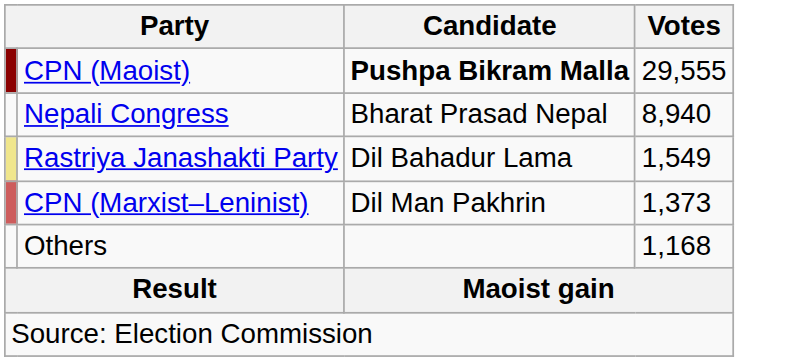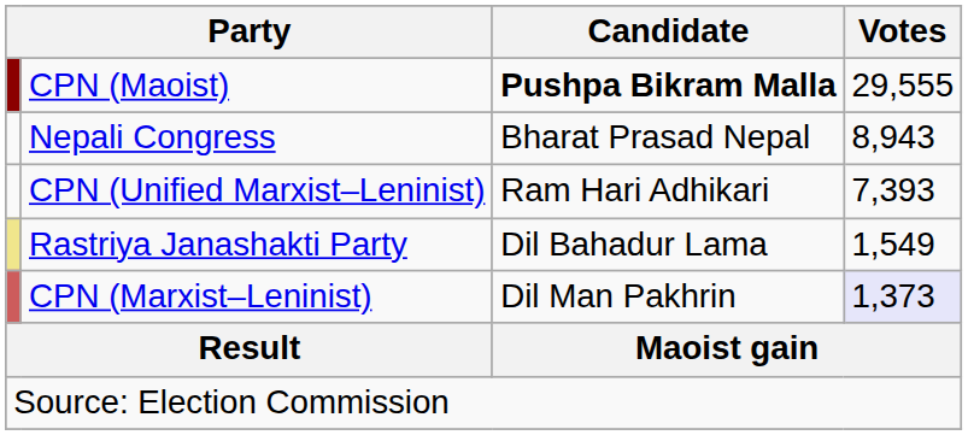 <table class="wikitable">
 <tr>
 <th colspan="2">Party</th>
 <th>Candidate</th>
 <th>Votes</th>
 </tr>
 <tr>
 <td style="background-color:darkred"></td>
 <td><a href='#'>CPN (Maoist)</a></td>
 <td><strong>Pushpa Bikram Malla</strong></td>
 <td>29,555</td>
 </tr>
 <tr>
 <td style="background-color:"></td>
 <td><a href='#'>Nepali Congress</a></td>
 <td>Bharat Prasad Nepal</td>
-<td>8,940</td>
+<td>8,943</td>
+</tr>
+<tr>
+<td style="background-color:"></td>
+<td><a href='#'>CPN (Unified Marxist–Leninist)</a></td>
+<td>Ram Hari Adhikari</td>
+<td>7,393</td>
 </tr>
 <tr>
 <td style="background-color:khaki"></td>
 <td><a href='#'>Rastriya Janashakti Party</a></td>
 <td>Dil Bahadur Lama</td>
 <td>1,549</td>
 </tr>
 <tr>
 <td style="background-color:indianred"></td>
 <td><a href='#'>CPN (Marxist–Leninist)</a></td>
 <td>Dil Man Pakhrin</td>
-<td>1,373</td>
-</tr>
-<tr>
-<td></td>
-<td>Others</td>
-<td></td>
-<td>1,168</td>
+<td style="background: lavender;">1,373</td>
 </tr>
 <tr>
 <th colspan="2">Result</th>
 <th colspan="2">Maoist gain</th>
 </tr>
 <tr>
 <td colspan="4">Source: Election Commission</td>
 </tr>
 </table>
